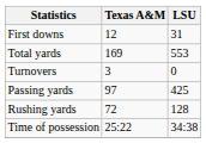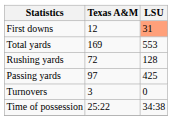 <table class="wikitable" style="float: left;">
 <tr>
 <th>Statistics</th>
 <th>Texas A&M</th>
 <th>LSU</th>
 </tr>
 <tr>
 <td>First downs</td>
 <td>12</td>
-<td>31</td>
+<td style="background: lightsalmon;">31</td>
 </tr>
 <tr>
 <td>Total yards</td>
 <td>169</td>
 <td>553</td>
 </tr>
 <tr>
-<td>Turnovers</td>
-<td>3</td>
-<td>0</td>
+<td>Rushing yards</td>
+<td>72</td>
+<td>128</td>
 </tr>
 <tr>
 <td>Passing yards</td>
 <td>97</td>
 <td>425</td>
 </tr>
 <tr>
-<td>Rushing yards</td>
-<td>72</td>
-<td>128</td>
+<td>Turnovers</td>
+<td>3</td>
+<td>0</td>
 </tr>
 <tr>
 <td>Time of possession</td>
 <td>25:22</td>
 <td>34:38</td>
 </tr>
 <tr>
 </tr>
 </table>
